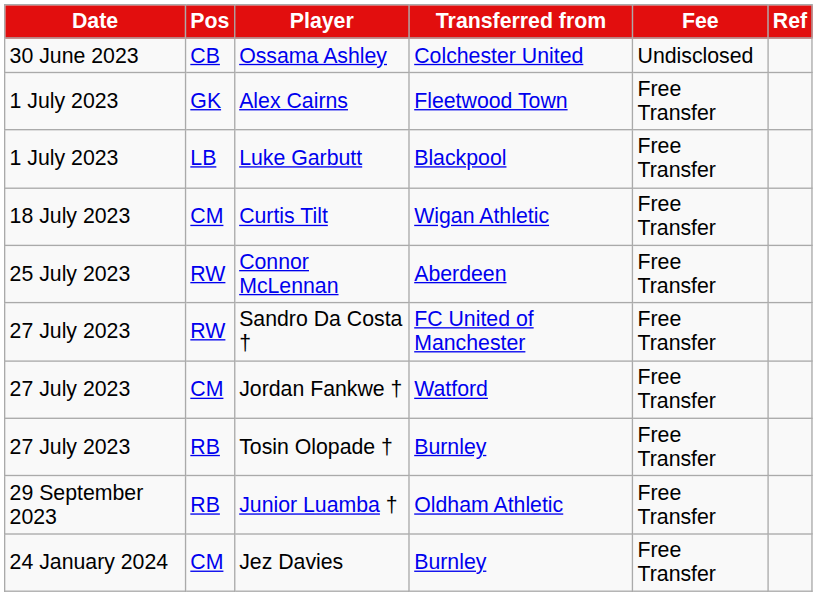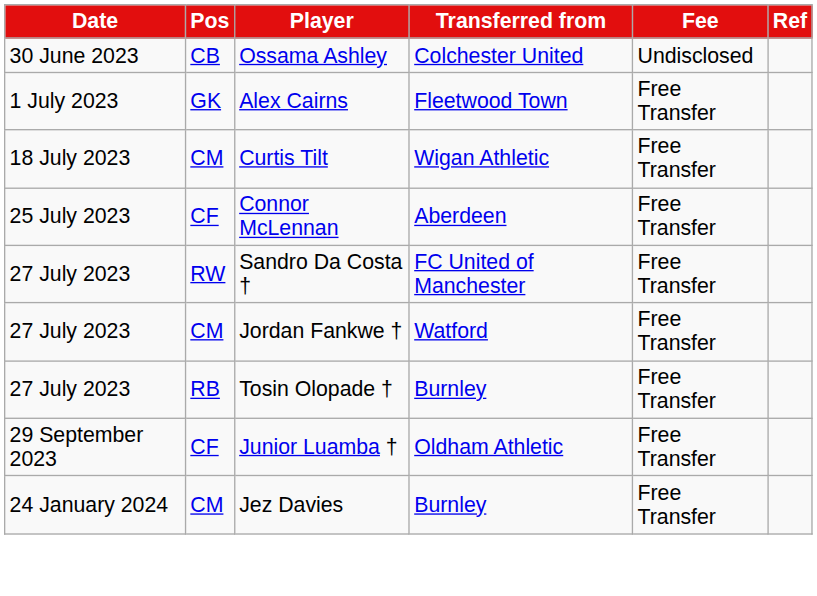 <table class="wikitable plainrowheaders sortable">
 <tr>
 <th style="background:#e20e0e;color:white;">Date</th>
 <th style="background:#e20e0e;color:white;">Pos</th>
 <th style="background:#e20e0e;color:white;">Player</th>
 <th style="background:#e20e0e;color:white;">Transferred from</th>
 <th style="background:#e20e0e;color:white;">Fee</th>
 <th style="background:#e20e0e;color:white;">Ref</th>
 </tr>
 <tr>
 <td>30 June 2023</td>
 <td><a href='#'>CB</a></td>
 <td> <a href='#'>Ossama Ashley</a></td>
 <td> <a href='#'>Colchester United</a></td>
 <td>Undisclosed</td>
 <td></td>
 </tr>
 <tr>
 <td>1 July 2023</td>
 <td><a href='#'>GK</a></td>
 <td> <a href='#'>Alex Cairns</a></td>
 <td> <a href='#'>Fleetwood Town</a></td>
 <td>Free Transfer</td>
 <td></td>
 </tr>
 <tr>
-<td>1 July 2023</td>
-<td><a href='#'>LB</a></td>
-<td> <a href='#'>Luke Garbutt</a></td>
-<td> <a href='#'>Blackpool</a></td>
-<td>Free Transfer</td>
-<td></td>
-</tr>
-<tr>
 <td>18 July 2023</td>
 <td><a href='#'>CM</a></td>
 <td> <a href='#'>Curtis Tilt</a></td>
 <td> <a href='#'>Wigan Athletic</a></td>
 <td>Free Transfer</td>
 <td></td>
 </tr>
 <tr>
 <td>25 July 2023</td>
-<td><a href='#'>RW</a></td>
+<td><a href='#'>CF</a></td>
 <td> <a href='#'>Connor McLennan</a></td>
 <td> <a href='#'>Aberdeen</a></td>
 <td>Free Transfer</td>
 <td></td>
 </tr>
 <tr>
 <td>27 July 2023</td>
 <td><a href='#'>RW</a></td>
 <td> Sandro Da Costa †</td>
 <td> <a href='#'>FC United of Manchester</a></td>
 <td>Free Transfer</td>
 <td></td>
 </tr>
 <tr>
 <td>27 July 2023</td>
 <td><a href='#'>CM</a></td>
 <td> Jordan Fankwe †</td>
 <td> <a href='#'>Watford</a></td>
 <td>Free Transfer</td>
 <td></td>
 </tr>
 <tr>
 <td>27 July 2023</td>
 <td><a href='#'>RB</a></td>
 <td> Tosin Olopade †</td>
 <td> <a href='#'>Burnley</a></td>
 <td>Free Transfer</td>
 <td></td>
 </tr>
 <tr>
 <td>29 September 2023</td>
-<td><a href='#'>RB</a></td>
+<td><a href='#'>CF</a></td>
 <td> <a href='#'>Junior Luamba</a> †</td>
 <td> <a href='#'>Oldham Athletic</a></td>
 <td>Free Transfer</td>
 <td></td>
 </tr>
 <tr>
 <td>24 January 2024</td>
 <td><a href='#'>CM</a></td>
 <td> Jez Davies</td>
 <td> <a href='#'>Burnley</a></td>
 <td>Free Transfer</td>
 <td></td>
 </tr>
 </table>
